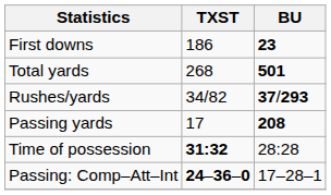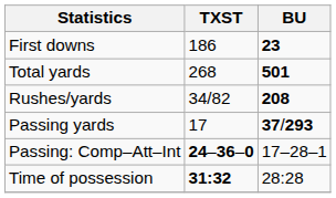 <table class="wikitable" style="float: left;">
 <tr>
 <th>Statistics</th>
 <th>TXST</th>
 <th>BU</th>
 </tr>
 <tr>
 <td>First downs</td>
 <td>186</td>
 <td><strong>23</strong></td>
 </tr>
 <tr>
 <td>Total yards</td>
 <td>268</td>
 <td><strong>501</strong></td>
 </tr>
 <tr>
 <td>Rushes/yards</td>
 <td>34/82</td>
-<td><strong>37</strong>/<strong>293</strong></td>
+<td><strong>208</strong></td>
 </tr>
 <tr>
 <td>Passing yards</td>
 <td>17</td>
-<td><strong>208</strong></td>
+<td><strong>37</strong>/<strong>293</strong></td>
+</tr>
+<tr>
+<td>Passing: Comp–Att–Int</td>
+<td><strong>24</strong>–<strong>36</strong>–<strong>0</strong></td>
+<td>17–28–1</td>
 </tr>
 <tr>
 <td>Time of possession</td>
 <td><strong>31:32</strong></td>
 <td>28:28</td>
 </tr>
 <tr>
-<td>Passing: Comp–Att–Int</td>
-<td><strong>24</strong>–<strong>36</strong>–<strong>0</strong></td>
-<td>17–28–1</td>
-</tr>
-<tr>
 </tr>
 </table>
